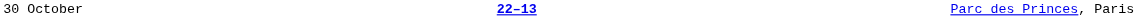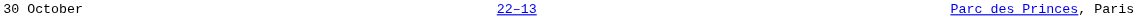 <table style="width:100%;" cellspacing="1">
 <tr>
 <th width=15%></th>
 <th width=25%></th>
 <th width=10%></th>
 <th width=25%></th>
 </tr>
 <tr style=font-size:90%>
 <td align=right>30 October</td>
 <td align=right></td>
-<td align=center><strong><a href='#'>22–13</a></strong></td>
+<td align=center><a href='#'>22–13</a></td>
 <td></td>
 <td><a href='#'>Parc des Princes</a>, Paris</td>
 </tr>
 </table>
